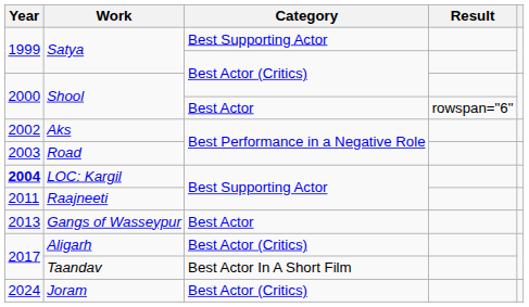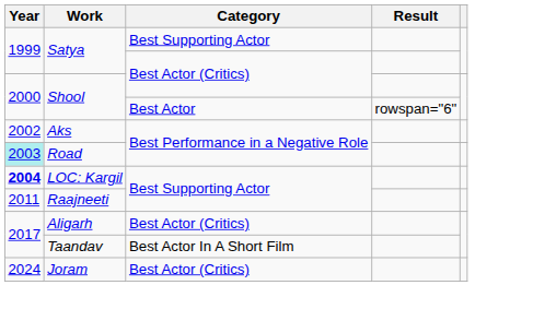 <table class="wikitable sortable"⁣>
 <tr ⁣>
 <th>Year⁣</th>
 <th>Work⁣</th>
 <th>Category⁣</th>
 <th>Result⁣</th>
 <th class="unsortable">⁣</th>
 </tr>
 <tr ⁣>
 <td rowspan="2"><a href='#'>1999</a>⁣</td>
 <td rowspan="2"><em><a href='#'>Satya</a></em>⁣</td>
 <td><a href='#'>Best Supporting Actor</a>⁣</td>
 <td>⁣</td>
 <td rowspan="2"></td>
 </tr>
 <tr ⁣>
 <td rowspan="2"><a href='#'>Best Actor (Critics)</a>⁣</td>
 <td>⁣</td>
 </tr>
 <tr ⁣>
 <td rowspan="2"><a href='#'>2000⁣</a></td>
 <td rowspan="2"><em><a href='#'>Shool</a></em>⁣</td>
 <td>⁣</td>
 <td rowspan="2"></td>
 </tr>
 <tr ⁣>
 <td><a href='#'>Best Actor</a>⁣</td>
 <td>rowspan="6"⁣</td>
 </tr>
 <tr ⁣>
 <td><a href='#'>2002⁣</a></td>
 <td><em><a href='#'>Aks</a></em>⁣</td>
 <td rowspan="2"><a href='#'>Best Performance in a Negative Role</a>⁣</td>
 <td>⁣</td>
 <td>⁣</td>
 </tr>
 <tr ⁣>
-<td><a href='#'>2003⁣</a></td>
+<td style="background: paleturquoise;"><a href='#'>2003⁣</a></td>
 <td><em><a href='#'>Road</a></em>⁣</td>
 <td></td>
 <td>⁣</td>
 </tr>
 <tr ⁣>
 <td><strong><a href='#'>2004⁣</a></strong></td>
 <td><em><a href='#'>LOC: Kargil</a></em>⁣</td>
 <td rowspan="2"><a href='#'>Best Supporting Actor</a>⁣</td>
 <td></td>
 <td>⁣</td>
 </tr>
 <tr ⁣>
 <td><a href='#'>2011</a></td>
 <td><em><a href='#'>Raajneeti</a></em>⁣</td>
 <td>⁣</td>
-<td>⁣</td>
-</tr>
-<tr ⁣>
-<td><a href='#'>2013⁣</a></td>
-<td><em><a href='#'>Gangs of Wasseypur</a></em>⁣</td>
-<td><a href='#'>Best Actor</a>⁣</td>
-<td></td>
 <td>⁣</td>
 </tr>
 <tr ⁣>
 <td rowspan="2"><a href='#'>2017⁣</a></td>
 <td><a href='#'><em>Aligarh</em></a></td>
 <td><a href='#'>Best Actor (Critics)</a></td>
 <td>⁣ </td>
 <td rowspan="2"></td>
 </tr>
 <tr ⁣>
 <td><em>Taandav⁣</em>⁣</td>
 <td>Best Actor In A Short Film⁣⁣</td>
 <td>⁣</td>
 </tr>
 <tr>
 <td rowspan="2"><a href='#'>2024</a></td>
 <td><a href='#'><em>Joram</em></a></td>
 <td><a href='#'>Best Actor (Critics)</a></td>
 <td></td>
 <td></td>
 </tr>
 </table>
